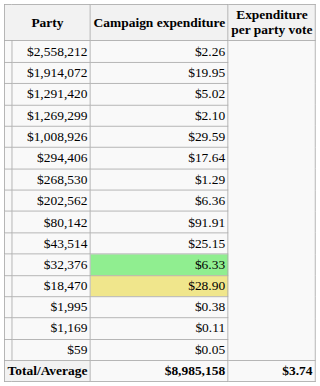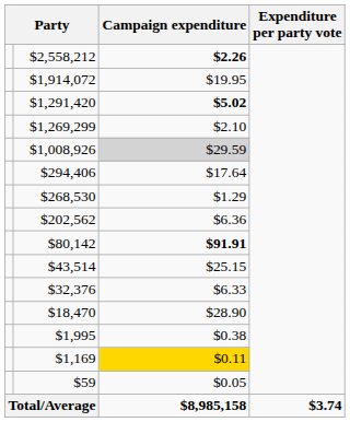 <table class="wikitable plainrowheaders sortable">
 <tr>
 <th scope="col" colspan=2>Party</th>
 <th scope="col">Campaign expenditure</th>
 <th scope="col">Expenditure<br>per party vote</th>
 </tr>
 <tr align=right>
 <td></td>
 <td>$2,558,212</td>
-<td>$2.26</td>
+<td><strong>$2.26</strong></td>
 </tr>
 <tr align=right>
 <td></td>
 <td>$1,914,072</td>
 <td>$19.95</td>
 </tr>
 <tr align=right>
 <td></td>
 <td>$1,291,420</td>
-<td>$5.02</td>
+<td><strong>$5.02</strong></td>
 </tr>
 <tr align=right>
 <td></td>
 <td>$1,269,299</td>
 <td>$2.10</td>
 </tr>
 <tr align=right>
 <td></td>
 <td>$1,008,926</td>
-<td>$29.59</td>
+<td style="background: lightgrey;">$29.59</td>
 </tr>
 <tr align=right>
 <td></td>
 <td>$294,406</td>
 <td>$17.64</td>
 </tr>
 <tr align=right>
 <td></td>
 <td>$268,530</td>
 <td>$1.29</td>
 </tr>
 <tr align=right>
 <td></td>
 <td>$202,562</td>
 <td>$6.36</td>
 </tr>
 <tr align=right>
 <td></td>
 <td>$80,142</td>
-<td>$91.91</td>
+<td><strong>$91.91</strong></td>
 </tr>
 <tr align=right>
 <td></td>
 <td>$43,514</td>
 <td>$25.15</td>
 </tr>
 <tr align=right>
 <td></td>
 <td>$32,376</td>
-<td style="background: lightgreen;">$6.33</td>
+<td>$6.33</td>
 </tr>
 <tr align=right>
 <td></td>
 <td>$18,470</td>
-<td style="background: khaki;">$28.90</td>
+<td>$28.90</td>
 </tr>
 <tr align=right>
 <td></td>
 <td>$1,995</td>
 <td>$0.38</td>
 </tr>
 <tr align=right>
 <td></td>
 <td>$1,169</td>
-<td>$0.11</td>
+<td style="background: gold;">$0.11</td>
 </tr>
 <tr align=right>
 <td></td>
 <td>$59</td>
 <td>$0.05</td>
 </tr>
 <tr>
 <th scope="row" colspan=2 align=left>Total/Average</th>
 <td align=right><strong>$8,985,158</strong></td>
 <td align=right><strong>$3.74</strong></td>
 </tr>
 </table>
